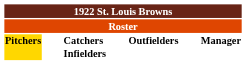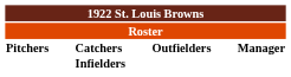 <table class="toccolours" style="font-size: 95%;">
 <tr>
 <th colspan="10" style="background-color: #682416; color: white; text-align: center;">1922 St. Louis Browns</th>
 </tr>
 <tr>
 <td colspan="10" style="background-color: #df4601; color: white; text-align: center;"><strong>Roster</strong></td>
 </tr>
 <tr>
-<td valign="top" style="background: gold;"><strong>Pitchers</strong><br>         </td>
+<td valign="top"><strong>Pitchers</strong><br>         </td>
 <td width="25px"></td>
 <td valign="top"><strong>Catchers</strong><br>   <strong>Infielders</strong>        </td>
 <td width="25px"></td>
 <td valign="top"><strong>Outfielders</strong><br>    </td>
 <td width="25px"></td>
 <td valign="top"><strong>Manager</strong><br></td>
 </tr>
 <tr>
 </tr>
 </table>
